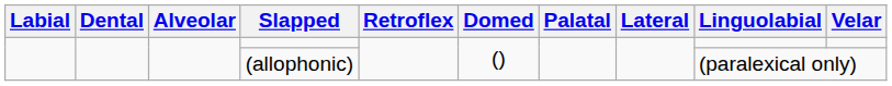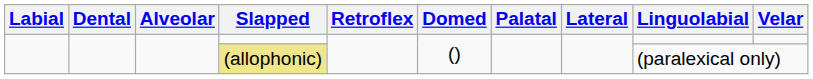 <table class="wikitable">
 <tr>
 <th><a href='#'>Labial</a></th>
 <th><a href='#'>Dental</a></th>
 <th><a href='#'>Alveolar</a></th>
 <th><a href='#'>Slapped</a></th>
 <th><a href='#'>Retroflex</a></th>
 <th><a href='#'>Domed</a></th>
 <th><a href='#'>Palatal</a></th>
 <th><a href='#'>Lateral</a></th>
 <th><a href='#'>Linguolabial</a></th>
 <th><a href='#'>Velar</a></th>
 </tr>
 <tr align=center>
 <td rowspan=2></td>
 <td rowspan=2></td>
 <td rowspan=2></td>
 <td></td>
 <td rowspan=2></td>
 <td rowspan=2> ()</td>
 <td rowspan=2></td>
 <td rowspan=2></td>
 <td></td>
 <td></td>
 </tr>
 <tr>
-<td>(allophonic)</td>
+<td style="background: khaki;">(allophonic)</td>
 <td colspan=2>(paralexical only)</td>
 </tr>
 </table>
